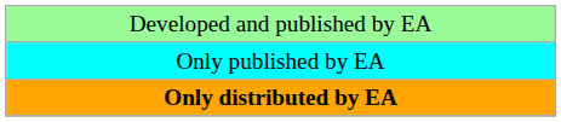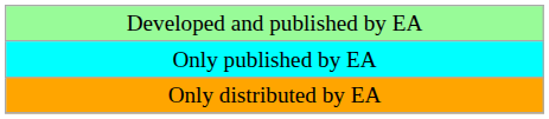 <table class="wikitable" style=width:30%;text-align:center>
 <tr>
 <td bgcolor=palegreen>Developed and published by EA</td>
 </tr>
 <tr>
 <td bgcolor=cyan>Only published by EA</td>
 </tr>
 <tr>
-<td bgcolor=orange><strong>Only distributed by EA</strong></td>
+<td bgcolor=orange>Only distributed by EA</td>
 </tr>
 <tr>
 </tr>
 </table>
